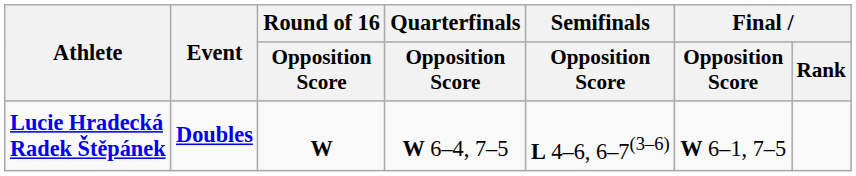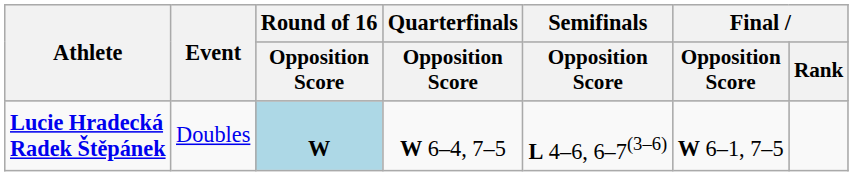 <table class=wikitable style="font-size:90%">
 <tr>
 <th rowspan="2">Athlete</th>
 <th rowspan="2">Event</th>
 <th>Round of 16</th>
 <th>Quarterfinals</th>
 <th>Semifinals</th>
 <th colspan=2>Final / </th>
 </tr>
 <tr style="font-size:95%">
 <th>Opposition<br>Score</th>
 <th>Opposition<br>Score</th>
 <th>Opposition<br>Score</th>
 <th>Opposition<br>Score</th>
 <th>Rank</th>
 </tr>
 <tr align=center>
 <td align=left><strong><a href='#'>Lucie Hradecká</a><br><a href='#'>Radek Štěpánek</a></strong></td>
-<td align=left><strong><a href='#'>Doubles</a></strong></td>
-<td><br><strong>W</strong> </td>
+<td align=left><a href='#'>Doubles</a></td>
+<td style="background: lightblue;"><br><strong>W</strong> </td>
 <td><br><strong>W</strong> 6–4, 7–5</td>
 <td><br><strong>L</strong> 4–6, 6–7<sup>(3–6)</sup></td>
 <td><br><strong>W</strong> 6–1, 7–5</td>
 <td></td>
 </tr>
 </table>
